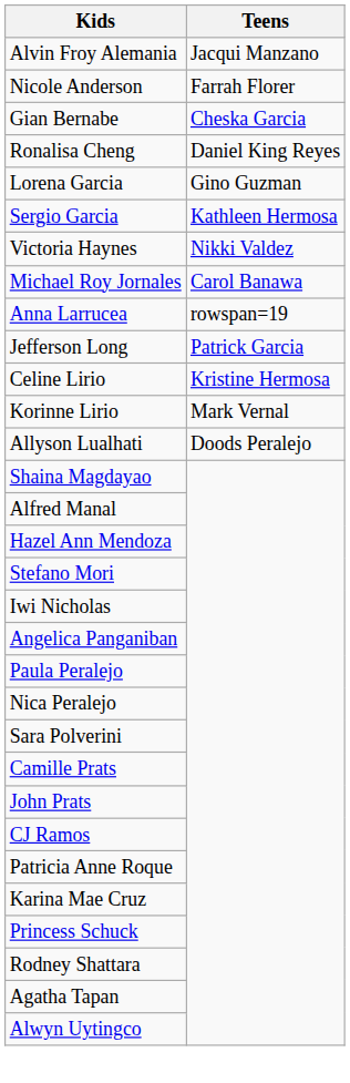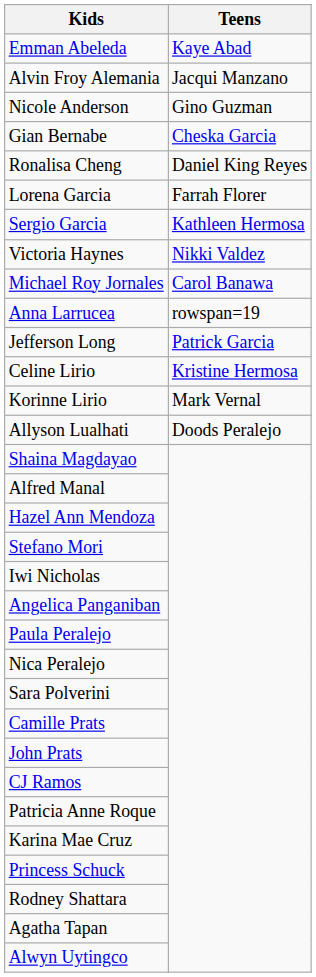 <table class="wikitable" style="font-size: 95%;">
 <tr>
 <th>Kids</th>
 <th>Teens</th>
+</tr>
+<tr>
+<td><a href='#'>Emman Abeleda</a></td>
+<td><a href='#'>Kaye Abad</a></td>
 </tr>
 <tr>
 <td>Alvin Froy Alemania</td>
 <td>Jacqui Manzano</td>
 </tr>
 <tr>
 <td>Nicole Anderson</td>
-<td>Farrah Florer</td>
+<td>Gino Guzman</td>
 </tr>
 <tr>
 <td>Gian Bernabe</td>
 <td><a href='#'>Cheska Garcia</a></td>
 </tr>
 <tr>
 <td>Ronalisa Cheng</td>
 <td>Daniel King Reyes</td>
 </tr>
 <tr>
 <td>Lorena Garcia</td>
-<td>Gino Guzman</td>
+<td>Farrah Florer</td>
 </tr>
 <tr>
 <td><a href='#'>Sergio Garcia</a></td>
 <td><a href='#'>Kathleen Hermosa</a></td>
 </tr>
 <tr>
 <td>Victoria Haynes</td>
 <td><a href='#'>Nikki Valdez</a></td>
 </tr>
 <tr>
 <td><a href='#'>Michael Roy Jornales</a></td>
 <td><a href='#'>Carol Banawa</a></td>
 </tr>
 <tr>
 <td><a href='#'>Anna Larrucea</a></td>
 <td>rowspan=19 </td>
 </tr>
 <tr>
 <td>Jefferson Long</td>
 <td><a href='#'>Patrick Garcia</a></td>
 </tr>
 <tr>
 <td>Celine Lirio</td>
 <td><a href='#'>Kristine Hermosa</a></td>
 </tr>
 <tr>
 <td>Korinne Lirio</td>
 <td>Mark Vernal</td>
 </tr>
 <tr>
 <td>Allyson Lualhati</td>
 <td>Doods Peralejo</td>
 </tr>
 <tr>
 <td><a href='#'>Shaina Magdayao</a></td>
 </tr>
 <tr>
 <td>Alfred Manal</td>
 </tr>
 <tr>
 <td><a href='#'>Hazel Ann Mendoza</a></td>
 </tr>
 <tr>
 <td><a href='#'>Stefano Mori</a></td>
 </tr>
 <tr>
 <td>Iwi Nicholas</td>
 </tr>
 <tr>
 <td><a href='#'>Angelica Panganiban</a></td>
 </tr>
 <tr>
 <td><a href='#'>Paula Peralejo</a></td>
 </tr>
 <tr>
 <td>Nica Peralejo</td>
 </tr>
 <tr>
 <td>Sara Polverini</td>
 </tr>
 <tr>
 <td><a href='#'>Camille Prats</a></td>
 </tr>
 <tr>
 <td><a href='#'>John Prats</a></td>
 </tr>
 <tr>
 <td><a href='#'>CJ Ramos</a></td>
 </tr>
 <tr>
 <td>Patricia Anne Roque</td>
 </tr>
 <tr>
 <td>Karina Mae Cruz</td>
 </tr>
 <tr>
 <td><a href='#'>Princess Schuck</a></td>
 </tr>
 <tr>
 <td>Rodney Shattara</td>
 </tr>
 <tr>
 <td>Agatha Tapan</td>
 </tr>
 <tr>
 <td><a href='#'>Alwyn Uytingco</a></td>
 </tr>
 </table>
